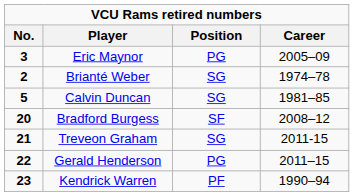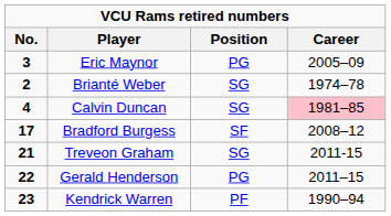 <table class="wikitable sortable" style="text-align:center">
 <tr>
 <td colspan="5"><strong>VCU Rams retired numbers</strong></td>
 </tr>
 <tr>
 <th width=40px>No.</th>
 <th width=150px>Player</th>
 <th width=100px>Position</th>
 <th width=100px>Career</th>
 </tr>
 <tr>
 <td><strong>3</strong></td>
 <td><a href='#'>Eric Maynor</a></td>
 <td><a href='#'>PG</a></td>
 <td>2005–09</td>
 </tr>
 <tr>
 <td><strong>2</strong></td>
 <td><a href='#'>Brianté Weber</a></td>
 <td><a href='#'>SG</a></td>
 <td>1974–78</td>
 </tr>
 <tr>
-<td><strong>5</strong></td>
+<td><strong>4</strong></td>
 <td><a href='#'>Calvin Duncan</a></td>
 <td><a href='#'>SG</a></td>
-<td>1981–85</td>
+<td style="background: pink;">1981–85</td>
 </tr>
 <tr>
-<td><strong>20</strong></td>
+<td><strong>17</strong></td>
 <td><a href='#'>Bradford Burgess</a></td>
 <td><a href='#'>SF</a></td>
 <td>2008–12</td>
 </tr>
 <tr>
 <td><strong>21</strong></td>
 <td><a href='#'>Treveon Graham</a></td>
 <td><a href='#'>SG</a></td>
 <td>2011-15</td>
 </tr>
 <tr>
 <td><strong>22</strong></td>
 <td><a href='#'>Gerald Henderson</a></td>
 <td><a href='#'>PG</a></td>
 <td>2011–15</td>
 </tr>
 <tr>
 <td><strong>23</strong></td>
 <td><a href='#'>Kendrick Warren</a></td>
 <td><a href='#'>PF</a></td>
 <td>1990–94</td>
 </tr>
 </table>
